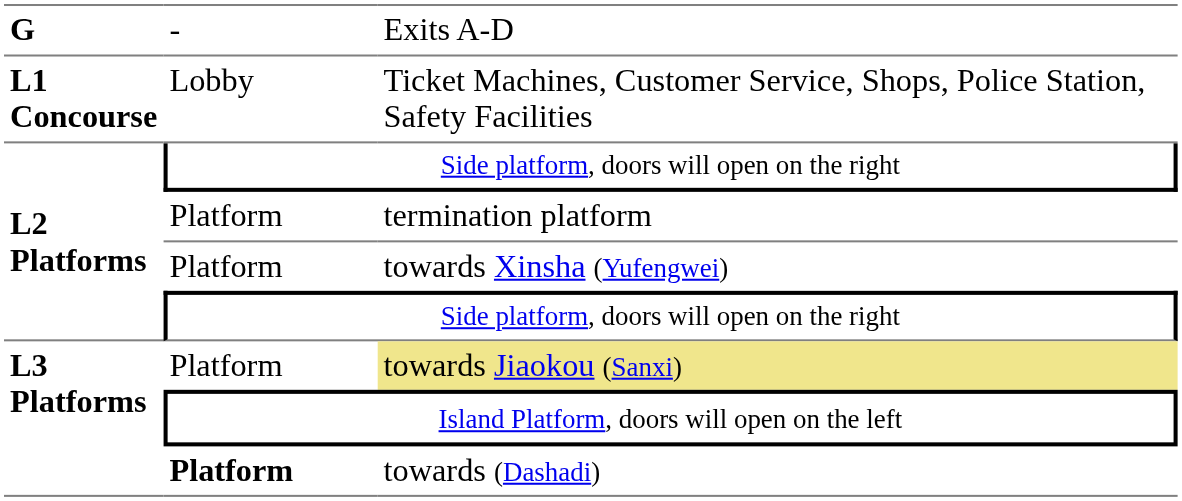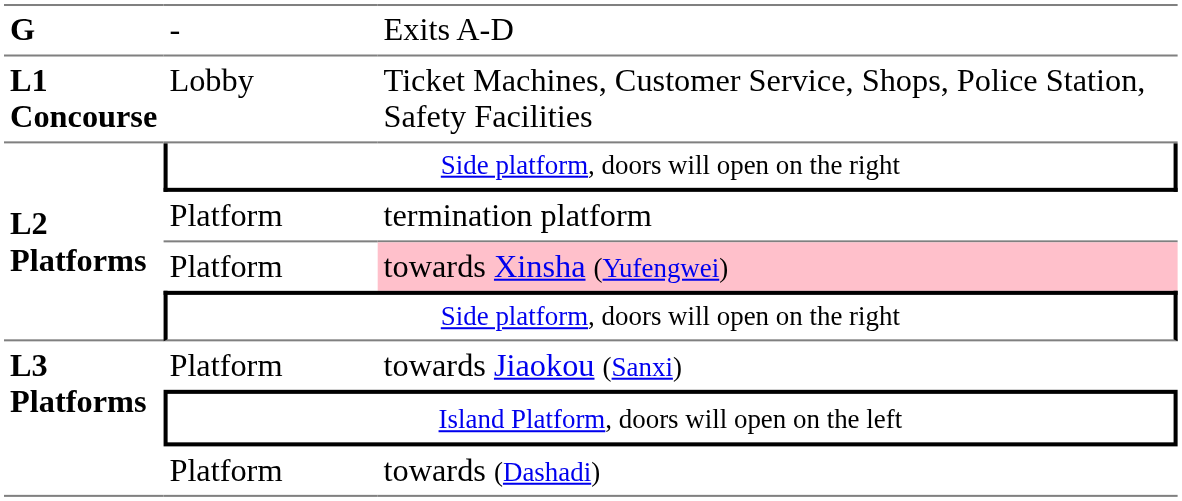 <table table border=0 cellspacing=0 cellpadding=3>
 <tr>
 <td style="border-top:solid 1px gray;" width=50 valign=top><strong>G</strong></td>
 <td style="border-top:solid 1px gray;" width=100 valign=top>-</td>
 <td style="border-top:solid 1px gray;" width=390 valign=top>Exits A-D</td>
 </tr>
 <tr>
 <td style="border-bottom:solid 1px gray; border-top:solid 1px gray;" valign=top><strong>L1<br>Concourse</strong></td>
 <td style="border-bottom:solid 1px gray; border-top:solid 1px gray;" valign=top>Lobby</td>
 <td style="border-bottom:solid 1px gray; border-top:solid 1px gray;" valign=top>Ticket Machines, Customer Service, Shops, Police Station, Safety Facilities</td>
 </tr>
 <tr>
 <td style="border-bottom:solid 1px gray;" rowspan="4"><strong>L2<br>Platforms</strong></td>
 <td style="border-right:solid 2px black;border-left:solid 2px black;border-bottom:solid 2px black;font-size:smaller;text-align:center;" colspan=2><a href='#'>Side platform</a>, doors will open on the right</td>
 </tr>
 <tr>
 <td style="border-bottom:solid 1px gray;" width=100>Platform </td>
 <td style="border-bottom:solid 1px gray;" width=390> termination platform</td>
 </tr>
 <tr>
 <td>Platform </td>
-<td> towards <a href='#'>Xinsha</a> <small>(<a href='#'>Yufengwei</a>)</small> </td>
+<td style="background: pink;"> towards <a href='#'>Xinsha</a> <small>(<a href='#'>Yufengwei</a>)</small> </td>
 </tr>
 <tr>
 <td style="border-top:solid 2px black;border-right:solid 2px black;border-left:solid 2px black;border-bottom:solid 1px gray;font-size:smaller;text-align:center;" colspan=2><a href='#'>Side platform</a>, doors will open on the right</td>
 </tr>
 <tr>
 <td rowspan="4" style="border-bottom:solid 1px gray;" valign="top"><strong>L3<br>Platforms</strong></td>
 <td>Platform </td>
-<td style="background: khaki;">  towards <a href='#'>Jiaokou</a> <small>(<a href='#'>Sanxi</a>)</small></td>
+<td>  towards <a href='#'>Jiaokou</a> <small>(<a href='#'>Sanxi</a>)</small></td>
 </tr>
 <tr>
 <td style="border-right:solid 2px black;border-left:solid 2px black;border-top:solid 2px black;border-bottom:solid 2px black;text-align:center;" colspan=2><small><a href='#'>Island Platform</a>, doors will open on the left</small></td>
 </tr>
 <tr>
-<td style="border-bottom:solid 1px gray;"><strong>Platform </strong></td>
+<td style="border-bottom:solid 1px gray;">Platform </td>
 <td style="border-bottom:solid 1px gray;"> towards  <small>(<a href='#'>Dashadi</a>)</small> </td>
 </tr>
 </table>
